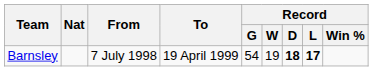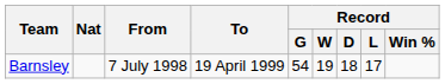 <table class="wikitable" style="text-align: center">
 <tr>
 <th rowspan="2">Team</th>
 <th rowspan="2">Nat</th>
 <th rowspan="2">From</th>
 <th rowspan="2">To</th>
 <th colspan="5">Record</th>
 </tr>
 <tr>
 <th>G</th>
 <th>W</th>
 <th>D</th>
 <th>L</th>
 <th>Win %</th>
 </tr>
 <tr>
 <td align=left><a href='#'>Barnsley</a></td>
 <td></td>
 <td align=left>7 July 1998</td>
 <td align=left>19 April 1999</td>
 <td>54</td>
 <td>19</td>
-<td><strong>18</strong></td>
-<td><strong>17</strong></td>
+<td>18</td>
+<td>17</td>
 <td></td>
 </tr>
 </table>
